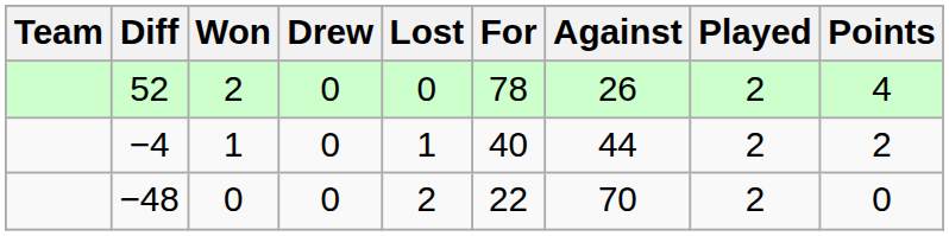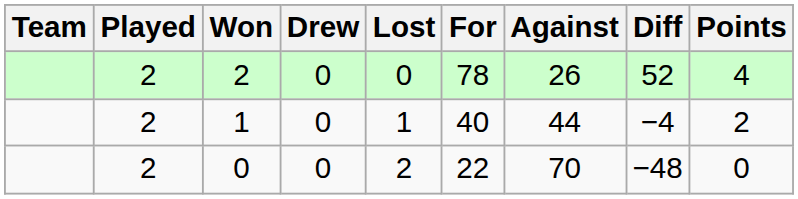 <table class="wikitable" style="text-align:center">
 <tr>
 <th>Team</th>
-<th>Diff</th>
+<th>Played</th>
 <th>Won</th>
 <th>Drew</th>
 <th>Lost</th>
 <th>For</th>
 <th>Against</th>
-<th>Played</th>
+<th>Diff</th>
 <th>Points</th>
 </tr>
 <tr bgcolor="#ccffcc">
 <td align=left></td>
-<td>52</td>
+<td>2</td>
 <td>2</td>
 <td>0</td>
 <td>0</td>
 <td>78</td>
 <td>26</td>
-<td>2</td>
+<td>52</td>
 <td>4</td>
 </tr>
 <tr>
 <td align=left></td>
-<td>−4</td>
+<td>2</td>
 <td>1</td>
 <td>0</td>
 <td>1</td>
 <td>40</td>
 <td>44</td>
-<td>2</td>
+<td>−4</td>
 <td>2</td>
 </tr>
 <tr>
 <td align=left></td>
-<td>−48</td>
+<td>2</td>
 <td>0</td>
 <td>0</td>
 <td>2</td>
 <td>22</td>
 <td>70</td>
-<td>2</td>
+<td>−48</td>
 <td>0</td>
 </tr>
 </table>
